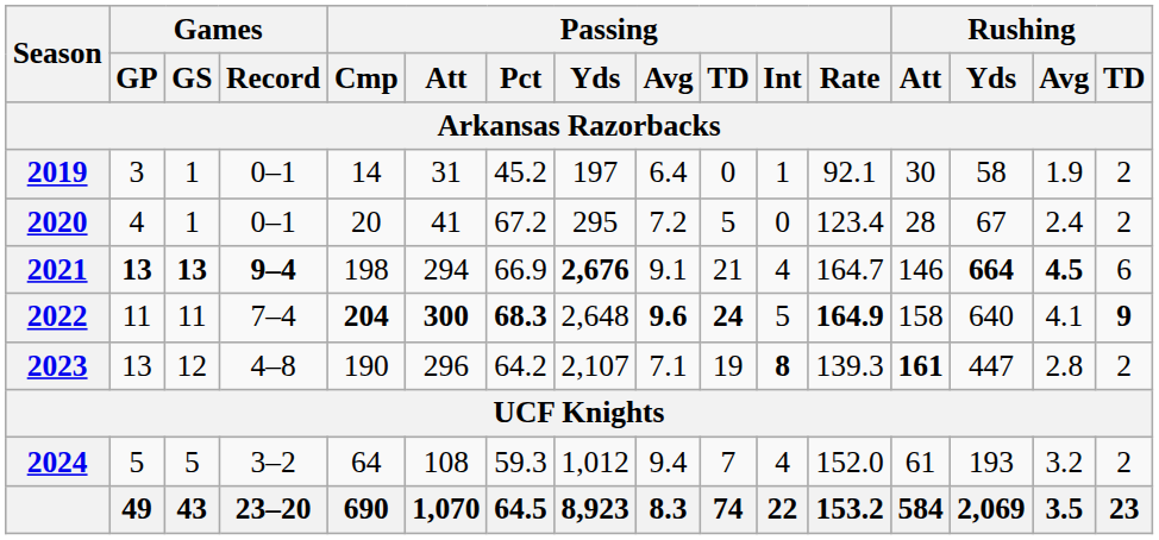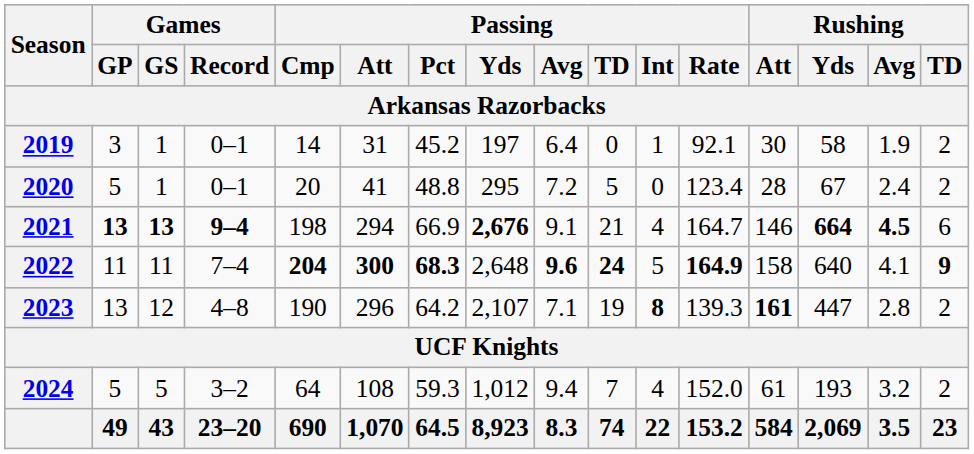 <table class="wikitable" style="text-align:center;">
 <tr>
 <th rowspan="2">Season</th>
 <th colspan="3">Games</th>
 <th colspan="8">Passing</th>
 <th colspan="5">Rushing</th>
 </tr>
 <tr>
 <th>GP</th>
 <th>GS</th>
 <th>Record</th>
 <th>Cmp</th>
 <th>Att</th>
 <th>Pct</th>
 <th>Yds</th>
 <th>Avg</th>
 <th>TD</th>
 <th>Int</th>
 <th>Rate</th>
 <th>Att</th>
 <th>Yds</th>
 <th>Avg</th>
 <th>TD</th>
 </tr>
 <tr>
 <th colspan="16">Arkansas Razorbacks</th>
 </tr>
 <tr>
 <th><a href='#'>2019</a></th>
 <td>3</td>
 <td>1</td>
 <td>0–1</td>
 <td>14</td>
 <td>31</td>
 <td>45.2</td>
 <td>197</td>
 <td>6.4</td>
 <td>0</td>
 <td>1</td>
 <td>92.1</td>
 <td>30</td>
 <td>58</td>
 <td>1.9</td>
 <td>2</td>
 </tr>
 <tr>
 <th><a href='#'>2020</a></th>
-<td>4</td>
+<td>5</td>
 <td>1</td>
 <td>0–1</td>
 <td>20</td>
 <td>41</td>
-<td>67.2</td>
+<td>48.8</td>
 <td>295</td>
 <td>7.2</td>
 <td>5</td>
 <td>0</td>
 <td>123.4</td>
 <td>28</td>
 <td>67</td>
 <td>2.4</td>
 <td>2</td>
 </tr>
 <tr>
 <th><a href='#'>2021</a></th>
 <td><strong>13</strong></td>
 <td><strong>13</strong></td>
 <td><strong>9–4</strong></td>
 <td>198</td>
 <td>294</td>
 <td>66.9</td>
 <td><strong>2,676</strong></td>
 <td>9.1</td>
 <td>21</td>
 <td>4</td>
 <td>164.7</td>
 <td>146</td>
 <td><strong>664</strong></td>
 <td><strong>4.5</strong></td>
 <td>6</td>
 </tr>
 <tr>
 <th><a href='#'>2022</a></th>
 <td>11</td>
 <td>11</td>
 <td>7–4</td>
 <td><strong>204</strong></td>
 <td><strong>300</strong></td>
 <td><strong>68.3</strong></td>
 <td>2,648</td>
 <td><strong>9.6</strong></td>
 <td><strong>24</strong></td>
 <td>5</td>
 <td><strong>164.9</strong></td>
 <td>158</td>
 <td>640</td>
 <td>4.1</td>
 <td><strong>9</strong></td>
 </tr>
 <tr>
 <th><a href='#'>2023</a></th>
 <td>13</td>
 <td>12</td>
 <td>4–8</td>
 <td>190</td>
 <td>296</td>
 <td>64.2</td>
 <td>2,107</td>
 <td>7.1</td>
 <td>19</td>
 <td><strong>8</strong></td>
 <td>139.3</td>
 <td><strong>161</strong></td>
 <td>447</td>
 <td>2.8</td>
 <td>2</td>
 </tr>
 <tr>
 <th colspan="16">UCF Knights</th>
 </tr>
 <tr>
 <th><a href='#'>2024</a></th>
 <td>5</td>
 <td>5</td>
 <td>3–2</td>
 <td>64</td>
 <td>108</td>
 <td>59.3</td>
 <td>1,012</td>
 <td>9.4</td>
 <td>7</td>
 <td>4</td>
 <td>152.0</td>
 <td>61</td>
 <td>193</td>
 <td>3.2</td>
 <td>2</td>
 </tr>
 <tr>
 <th></th>
 <th>49</th>
 <th>43</th>
 <th>23–20</th>
 <th>690</th>
 <th>1,070</th>
 <th>64.5</th>
 <th>8,923</th>
 <th>8.3</th>
 <th>74</th>
 <th>22</th>
 <th>153.2</th>
 <th>584</th>
 <th>2,069</th>
 <th>3.5</th>
 <th>23</th>
 </tr>
 </table>
